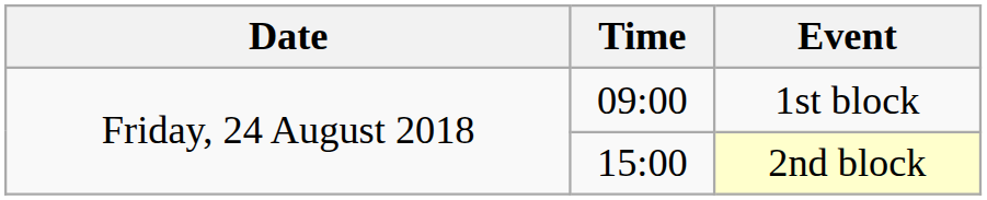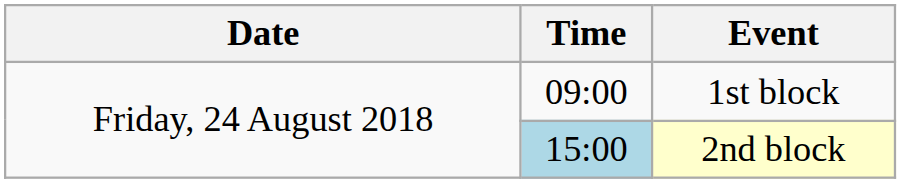 <table class = "wikitable" style="text-align:center;">
 <tr>
 <th width=220>Date</th>
 <th width=50>Time</th>
 <th width=100>Event</th>
 </tr>
 <tr>
 <td rowspan=2>Friday, 24 August 2018</td>
 <td>09:00</td>
 <td>1st block</td>
 </tr>
 <tr>
-<td>15:00</td>
+<td style="background: lightblue;">15:00</td>
 <td bgcolor=ffffcc>2nd block</td>
 </tr>
 </table>
